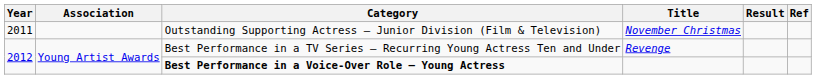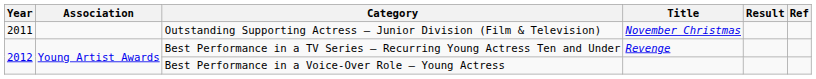 <table class="wikitable plainrowheaders">
 <tr>
 <th scope="col">Year</th>
 <th scope="col">Association</th>
 <th scope="col">Category</th>
 <th scope="col">Title</th>
 <th scope="col">Result</th>
 <th scope="col">Ref</th>
 </tr>
 <tr>
 <td>2011</td>
 <td></td>
 <td>Outstanding Supporting Actress – Junior Division (Film & Television)</td>
 <td><em><a href='#'>November Christmas</a></em></td>
 <td></td>
 <td></td>
 </tr>
 <tr>
 <td rowspan="2"><a href='#'>2012</a></td>
 <td rowspan="2"><a href='#'>Young Artist Awards</a></td>
 <td>Best Performance in a TV Series – Recurring Young Actress Ten and Under</td>
 <td><em><a href='#'>Revenge</a></em></td>
 <td></td>
 <td></td>
 </tr>
 <tr>
-<td><strong>Best Performance in a Voice-Over Role – Young Actress</strong></td>
+<td>Best Performance in a Voice-Over Role – Young Actress</td>
 <td></td>
 <td></td>
 <td></td>
 </tr>
 </table>
